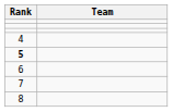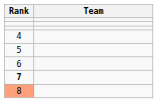 <table class="wikitable" style="text-align: center;">
 <tr>
 <th width=40>Rank</th>
 <th width=180>Team</th>
 </tr>
 <tr>
 <td></td>
 <td align="left"></td>
 </tr>
 <tr>
 <td></td>
 <td align="left"></td>
 </tr>
 <tr>
 <td></td>
 <td align="left"></td>
 </tr>
 <tr>
 <td>4</td>
 <td align="left"></td>
 </tr>
 <tr>
-<td><strong>5</strong></td>
+<td>5</td>
 <td align="left"></td>
 </tr>
 <tr>
 <td>6</td>
 <td align="left"></td>
 </tr>
 <tr>
-<td>7</td>
+<td><strong>7</strong></td>
 <td align="left"></td>
 </tr>
 <tr>
-<td>8</td>
+<td style="background: lightsalmon;">8</td>
 <td align="left"></td>
 </tr>
 </table>
